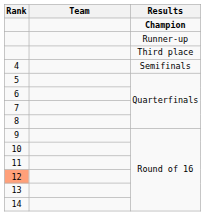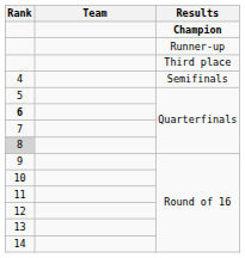 <table class="wikitable" style="text-align:center">
 <tr>
 <th width="25">Rank</th>
 <th width="150">Team</th>
 <th width="100">Results</th>
 </tr>
 <tr>
 <td></td>
 <td align="left"><strong></strong></td>
 <td><strong>Champion</strong></td>
 </tr>
 <tr>
 <td></td>
 <td align="left"></td>
 <td>Runner-up</td>
 </tr>
 <tr>
 <td></td>
 <td align="left"></td>
 <td>Third place</td>
 </tr>
 <tr>
 <td>4</td>
 <td align="left"></td>
 <td>Semifinals</td>
 </tr>
 <tr>
 <td>5</td>
 <td align="left"></td>
 <td rowspan="4">Quarterfinals</td>
 </tr>
 <tr>
-<td>6</td>
+<td><strong>6</strong></td>
 <td align="left"></td>
 </tr>
 <tr>
 <td>7</td>
 <td align="left"></td>
 </tr>
 <tr>
-<td>8</td>
+<td style="background: lightgrey;">8</td>
 <td align="left"></td>
 </tr>
 <tr>
 <td>9</td>
 <td align="left"></td>
 <td rowspan="6">Round of 16</td>
 </tr>
 <tr>
 <td>10</td>
 <td align="left"></td>
 </tr>
 <tr>
 <td>11</td>
 <td align="left"></td>
 </tr>
 <tr>
-<td style="background: lightsalmon;">12</td>
+<td>12</td>
 <td align="left"></td>
 </tr>
 <tr>
 <td>13</td>
 <td align="left"></td>
 </tr>
 <tr>
 <td>14</td>
 <td align="left"></td>
 </tr>
 </table>
